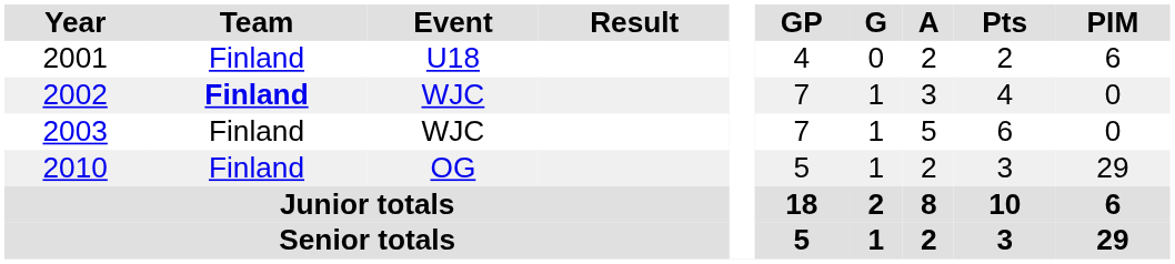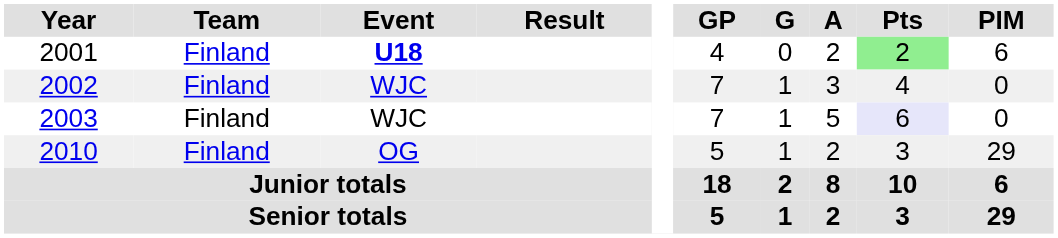 <table border="0" cellpadding="1" cellspacing="0" style="text-align:center; width:40em">
 <tr ALIGN="center" bgcolor="#e0e0e0">
 <th>Year</th>
 <th>Team</th>
 <th>Event</th>
 <th>Result</th>
 <th rowspan="99" bgcolor="#ffffff"> </th>
 <th>GP</th>
 <th>G</th>
 <th>A</th>
 <th>Pts</th>
 <th>PIM</th>
 </tr>
 <tr>
 <td>2001</td>
 <td><a href='#'>Finland</a></td>
-<td><a href='#'>U18</a></td>
+<td><strong><a href='#'>U18</a></strong></td>
 <td></td>
 <td>4</td>
 <td>0</td>
 <td>2</td>
-<td>2</td>
+<td style="background: lightgreen;">2</td>
 <td>6</td>
 </tr>
 <tr bgcolor="#f0f0f0">
 <td><a href='#'>2002</a></td>
-<td><strong><a href='#'>Finland</a></strong></td>
+<td><a href='#'>Finland</a></td>
 <td><a href='#'>WJC</a></td>
 <td></td>
 <td>7</td>
 <td>1</td>
 <td>3</td>
 <td>4</td>
 <td>0</td>
 </tr>
 <tr>
 <td><a href='#'>2003</a></td>
 <td>Finland</td>
 <td>WJC</td>
 <td></td>
 <td>7</td>
 <td>1</td>
 <td>5</td>
-<td>6</td>
+<td style="background: lavender;">6</td>
 <td>0</td>
 </tr>
 <tr bgcolor="#f0f0f0">
 <td><a href='#'>2010</a></td>
 <td><a href='#'>Finland</a></td>
 <td><a href='#'>OG</a></td>
 <td></td>
 <td>5</td>
 <td>1</td>
 <td>2</td>
 <td>3</td>
 <td>29</td>
 </tr>
 <tr bgcolor="#e0e0e0">
 <th colspan=4>Junior totals</th>
 <th>18</th>
 <th>2</th>
 <th>8</th>
 <th>10</th>
 <th>6</th>
 </tr>
 <tr bgcolor="#e0e0e0">
 <th colspan=4>Senior totals</th>
 <th>5</th>
 <th>1</th>
 <th>2</th>
 <th>3</th>
 <th>29</th>
 </tr>
 </table>
